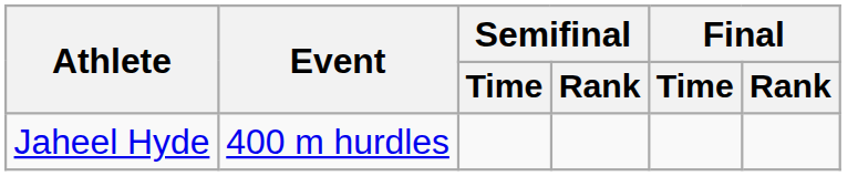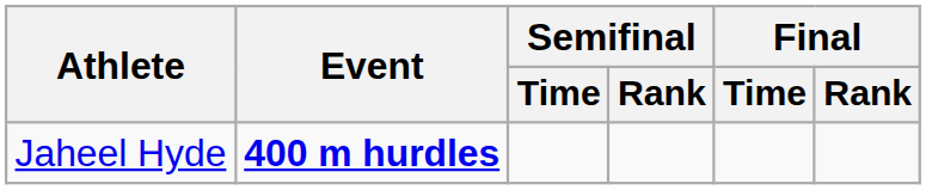 <table class=wikitable style=font-size:90%;text-align:center>
 <tr>
 <th rowspan=2>Athlete</th>
 <th rowspan=2>Event</th>
 <th colspan=2>Semifinal</th>
 <th colspan=2>Final</th>
 </tr>
 <tr style=font-size:95%>
 <th>Time</th>
 <th>Rank</th>
 <th>Time</th>
 <th>Rank</th>
 </tr>
 <tr>
 <td align=left><a href='#'>Jaheel Hyde</a></td>
-<td align=left><a href='#'>400 m hurdles</a></td>
+<td align=left><strong><a href='#'>400 m hurdles</a></strong></td>
 <td></td>
 <td></td>
 <td></td>
 <td></td>
 </tr>
 </table>
